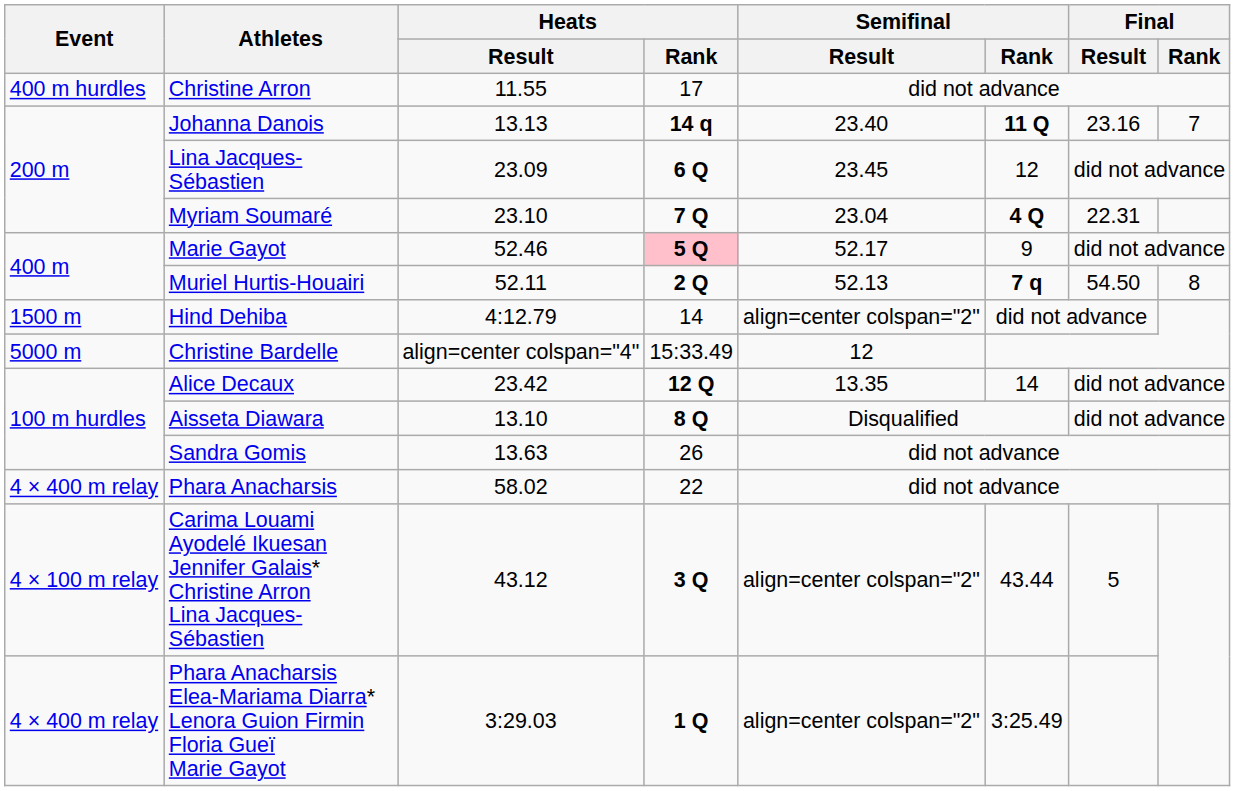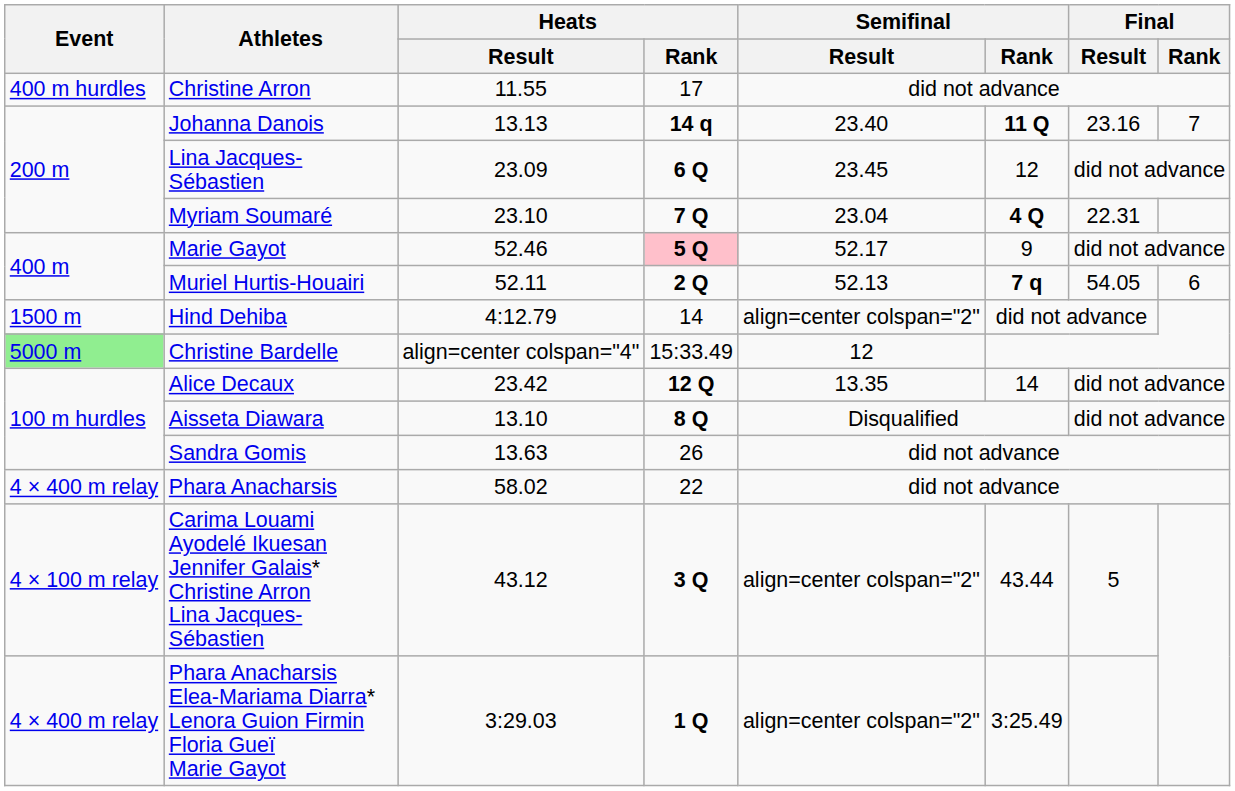 <table class="wikitable" border="1" style="font-size:90%">
 <tr>
 <th rowspan="2" width=100>Event</th>
 <th rowspan="2" width=150>Athletes</th>
 <th colspan="2">Heats</th>
 <th colspan="2">Semifinal</th>
 <th colspan="2">Final</th>
 </tr>
 <tr>
 <th>Result</th>
 <th>Rank</th>
 <th>Result</th>
 <th>Rank</th>
 <th>Result</th>
 <th>Rank</th>
 </tr>
 <tr>
 <td><a href='#'>400 m hurdles</a></td>
 <td><a href='#'>Christine Arron</a></td>
 <td align=center>11.55</td>
 <td align=center>17</td>
 <td align=center colspan="4">did not advance</td>
 </tr>
 <tr>
 <td rowspan=3><a href='#'>200 m</a></td>
 <td><a href='#'>Johanna Danois</a></td>
 <td align=center>13.13</td>
 <td align=center><strong>14 q</strong></td>
 <td align=center>23.40</td>
 <td align=center><strong>11 Q</strong></td>
 <td align=center>23.16</td>
 <td align=center>7</td>
 </tr>
 <tr>
 <td><a href='#'>Lina Jacques-Sébastien</a></td>
 <td align=center>23.09</td>
 <td align=center><strong>6 Q</strong></td>
 <td align=center>23.45</td>
 <td align=center>12</td>
 <td align=center colspan="2">did not advance</td>
 </tr>
 <tr>
 <td><a href='#'>Myriam Soumaré</a></td>
 <td align=center>23.10</td>
 <td align=center><strong>7 Q</strong></td>
 <td align=center>23.04</td>
 <td align=center><strong>4 Q</strong></td>
 <td align=center>22.31</td>
 <td align=center></td>
 </tr>
 <tr>
 <td rowspan=2><a href='#'>400 m</a></td>
 <td><a href='#'>Marie Gayot</a></td>
 <td align=center>52.46</td>
 <td align=center style="background: pink;"><strong>5 Q</strong></td>
 <td align=center>52.17</td>
 <td align=center>9</td>
 <td align=center colspan="2">did not advance</td>
 </tr>
 <tr>
 <td><a href='#'>Muriel Hurtis-Houairi</a></td>
 <td align=center>52.11</td>
 <td align=center><strong>2 Q</strong></td>
 <td align=center>52.13</td>
 <td align=center><strong>7 q</strong></td>
-<td align=center>54.50</td>
-<td align=center>8</td>
+<td align=center>54.05</td>
+<td align=center>6</td>
 </tr>
 <tr>
 <td><a href='#'>1500 m</a></td>
 <td><a href='#'>Hind Dehiba</a></td>
 <td align=center>4:12.79</td>
 <td align=center>14</td>
 <td>align=center colspan="2" </td>
 <td align=center colspan="2">did not advance</td>
 </tr>
 <tr>
-<td><a href='#'>5000 m</a></td>
+<td style="background: lightgreen;"><a href='#'>5000 m</a></td>
 <td><a href='#'>Christine Bardelle</a></td>
 <td>align=center colspan="4" </td>
 <td align=center>15:33.49</td>
 <td align=center>12</td>
 </tr>
 <tr>
 <td rowspan=3><a href='#'>100 m hurdles</a></td>
 <td><a href='#'>Alice Decaux</a></td>
 <td align=center>23.42</td>
 <td align=center><strong>12 Q</strong></td>
 <td align=center>13.35</td>
 <td align=center>14</td>
 <td align=center colspan="2">did not advance</td>
 </tr>
 <tr>
 <td><a href='#'>Aisseta Diawara</a></td>
 <td align=center>13.10</td>
 <td align=center><strong>8 Q</strong></td>
 <td align=center colspan="2">Disqualified</td>
 <td align=center colspan="2">did not advance</td>
 </tr>
 <tr>
 <td><a href='#'>Sandra Gomis</a></td>
 <td align=center>13.63</td>
 <td align=center>26</td>
 <td align=center colspan="4">did not advance</td>
 </tr>
 <tr>
 <td><a href='#'>4 × 400 m relay</a></td>
 <td><a href='#'>Phara Anacharsis</a></td>
 <td align=center>58.02</td>
 <td align=center>22</td>
 <td align=center colspan="4">did not advance</td>
 </tr>
 <tr>
 <td><a href='#'>4 × 100 m relay</a></td>
 <td><a href='#'>Carima Louami</a><br><a href='#'>Ayodelé Ikuesan</a><br><a href='#'>Jennifer Galais</a>*<br><a href='#'>Christine Arron</a><br><a href='#'>Lina Jacques-Sébastien</a></td>
 <td align=center>43.12</td>
 <td align=center><strong>3 Q</strong></td>
 <td>align=center colspan="2" </td>
 <td align=center>43.44</td>
 <td align=center>5</td>
 </tr>
 <tr>
 <td><a href='#'>4 × 400 m relay</a></td>
 <td><a href='#'>Phara Anacharsis</a><br><a href='#'>Elea-Mariama Diarra</a>*<br><a href='#'>Lenora Guion Firmin</a><br><a href='#'>Floria Gueï</a><br><a href='#'>Marie Gayot</a></td>
 <td align=center>3:29.03</td>
 <td align=center><strong>1 Q</strong></td>
 <td>align=center colspan="2" </td>
 <td align=center>3:25.49</td>
 <td align=center></td>
 </tr>
 </table>
